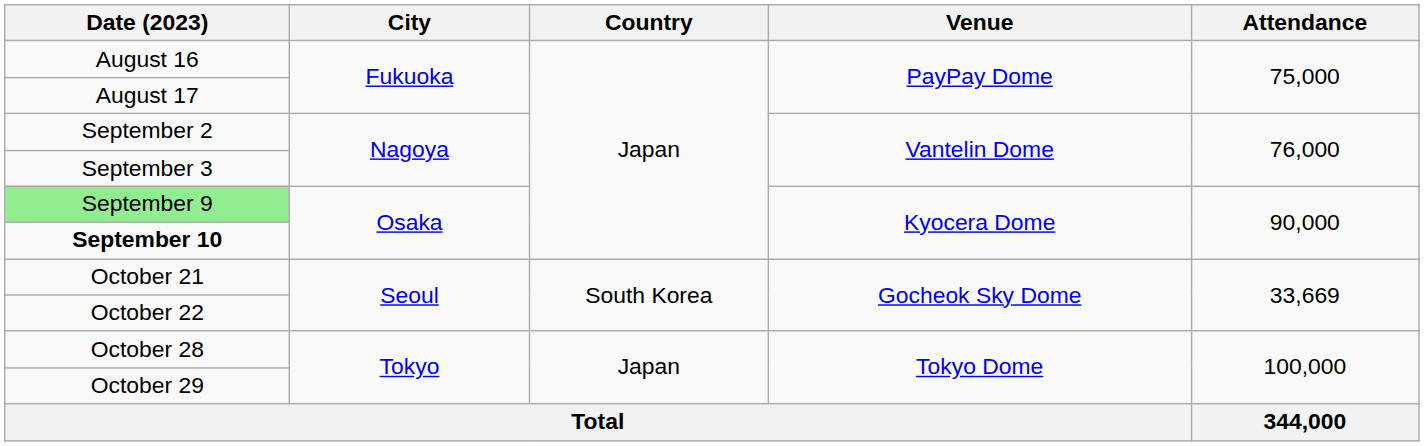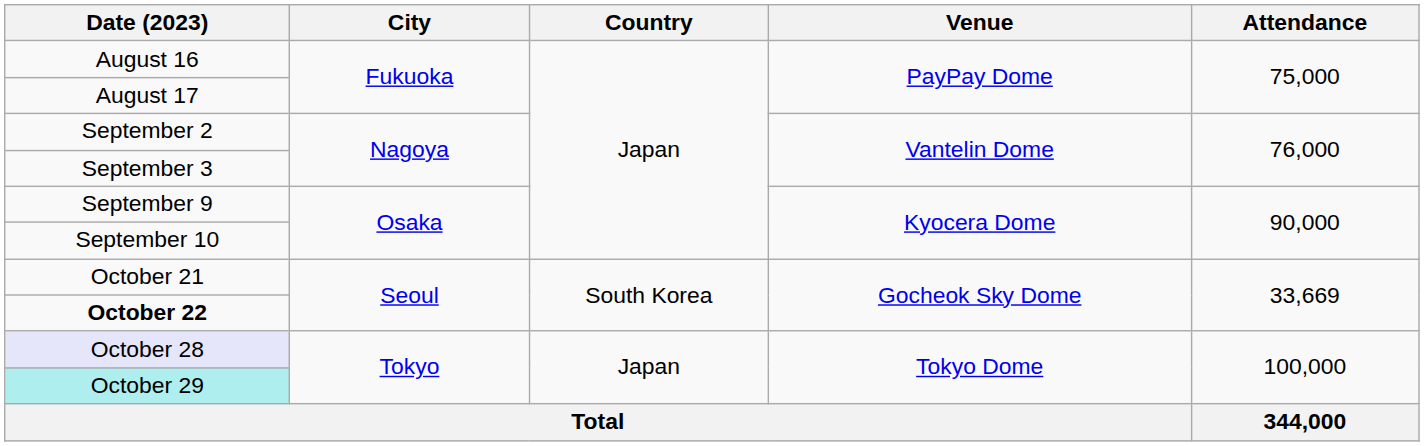 <table class="wikitable" style="text-align:center;">
 <tr>
 <th scope="col" style="width:12em;">Date (2023)</th>
 <th scope="col" style="width:10em;">City</th>
 <th scope="col" style="width:10em;">Country</th>
 <th scope="col" style="width:18em;">Venue</th>
 <th scope="col" style="width:9.5em;">Attendance</th>
 </tr>
 <tr>
 <td>August 16</td>
 <td rowspan="2"><a href='#'>Fukuoka</a></td>
 <td rowspan="6">Japan</td>
 <td rowspan="2"><a href='#'>PayPay Dome</a></td>
 <td rowspan="2">75,000</td>
 </tr>
 <tr>
 <td>August 17</td>
 </tr>
 <tr>
 <td>September 2</td>
 <td rowspan="2"><a href='#'>Nagoya</a></td>
 <td rowspan="2"><a href='#'>Vantelin Dome</a></td>
 <td rowspan="2">76,000</td>
 </tr>
 <tr>
 <td>September 3</td>
 </tr>
 <tr>
-<td style="background: lightgreen;">September 9</td>
+<td>September 9</td>
 <td rowspan="2"><a href='#'>Osaka</a></td>
 <td rowspan="2"><a href='#'>Kyocera Dome</a></td>
 <td rowspan="2">90,000</td>
 </tr>
 <tr>
-<td><strong>September 10</strong></td>
+<td>September 10</td>
 </tr>
 <tr>
 <td>October 21</td>
 <td rowspan="2"><a href='#'>Seoul</a></td>
 <td rowspan="2">South Korea</td>
 <td rowspan="2"><a href='#'>Gocheok Sky Dome</a></td>
 <td rowspan="2">33,669</td>
 </tr>
 <tr>
-<td>October 22</td>
+<td><strong>October 22</strong></td>
 </tr>
 <tr>
-<td>October 28</td>
+<td style="background: lavender;">October 28</td>
 <td rowspan="2"><a href='#'>Tokyo</a></td>
 <td rowspan="2">Japan</td>
 <td rowspan="2"><a href='#'>Tokyo Dome</a></td>
 <td rowspan="2">100,000</td>
 </tr>
 <tr>
-<td>October 29</td>
+<td style="background: paleturquoise;">October 29</td>
 </tr>
 <tr>
 <th colspan="4">Total</th>
 <th>344,000</th>
 </tr>
 </table>
